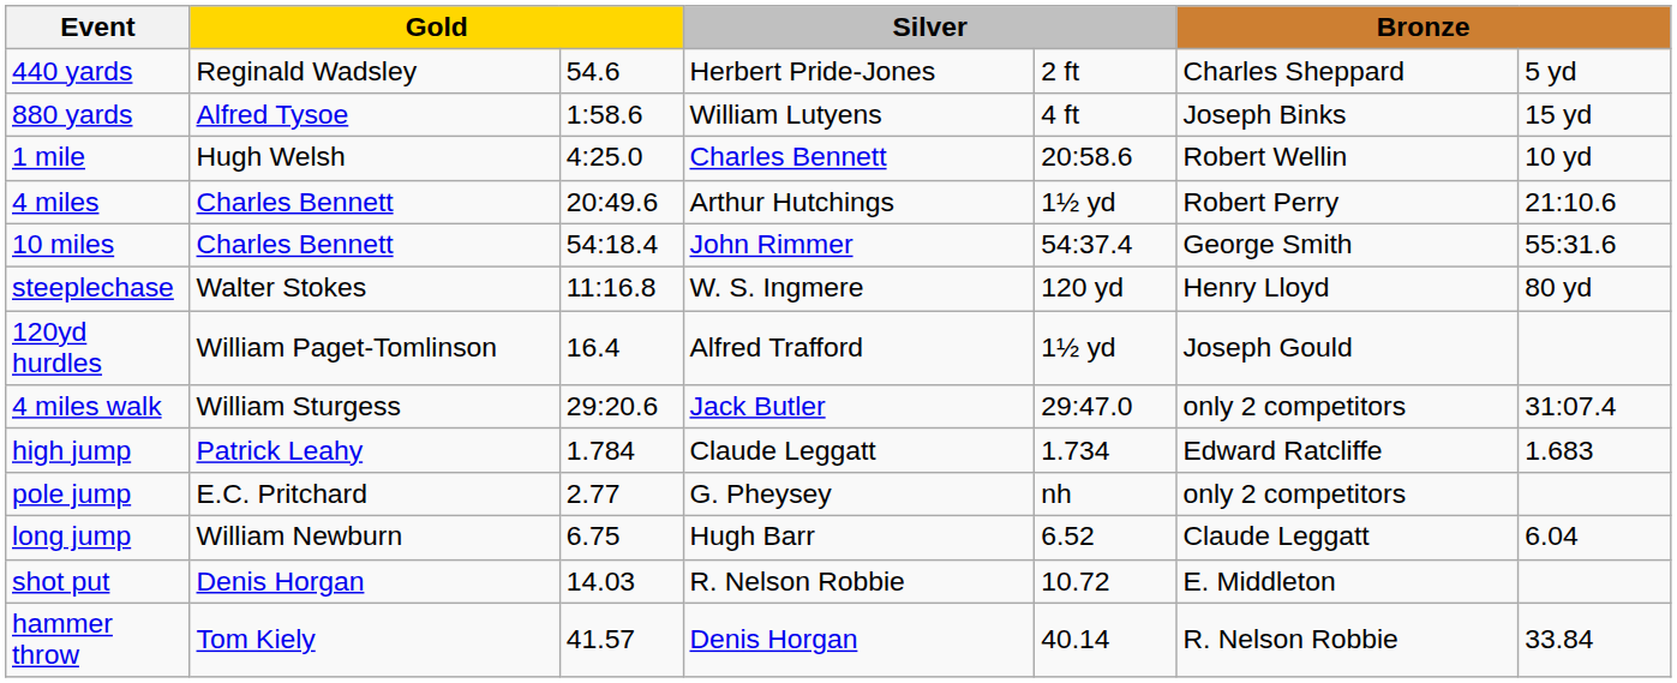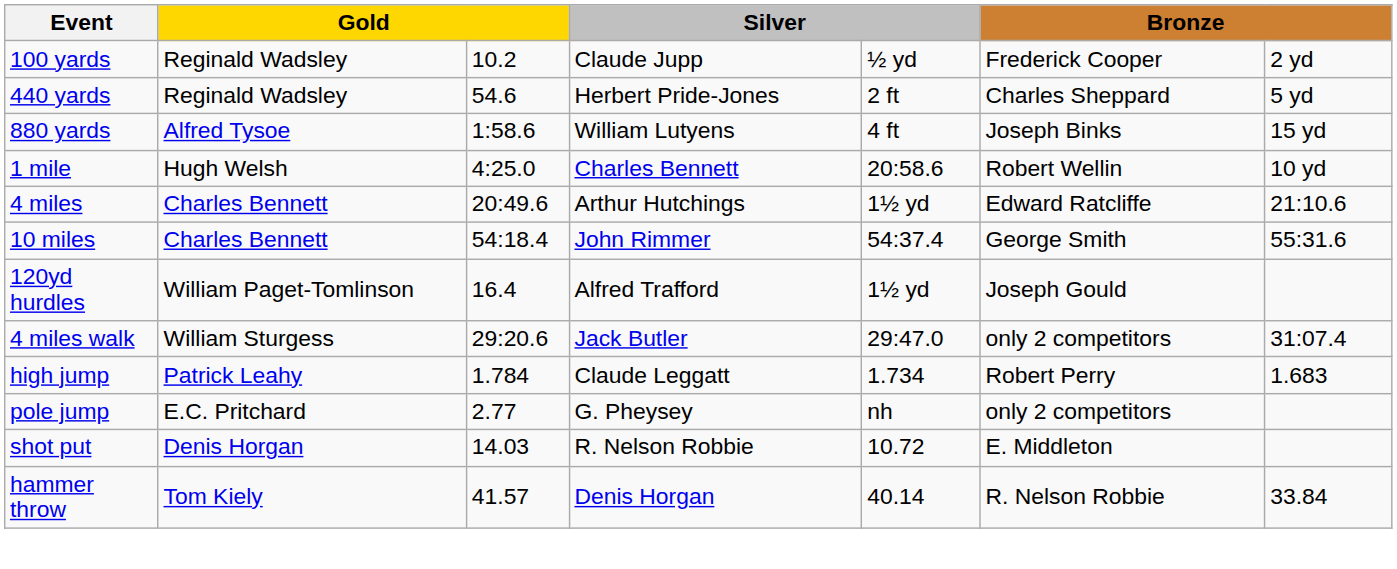 <table class="wikitable" style="text-align:left">
 <tr>
 <th width=100>Event</th>
 <th colspan="2" width="280" style="background:gold;">Gold</th>
 <th colspan="2" width="280" style="background:silver;">Silver</th>
 <th colspan="2" width="280" style="background:#CD7F32;">Bronze</th>
+</tr>
+<tr>
+<td><a href='#'>100 yards</a></td>
+<td>Reginald Wadsley</td>
+<td>10.2</td>
+<td>Claude Jupp</td>
+<td>½ yd</td>
+<td>Frederick Cooper</td>
+<td>2 yd</td>
 </tr>
 <tr>
 <td><a href='#'>440 yards</a></td>
 <td>Reginald Wadsley</td>
 <td>54.6</td>
 <td>Herbert Pride-Jones</td>
 <td>2 ft</td>
 <td>Charles Sheppard</td>
 <td>5 yd</td>
 </tr>
 <tr>
 <td><a href='#'>880 yards</a></td>
 <td><a href='#'>Alfred Tysoe</a></td>
 <td>1:58.6</td>
 <td>William Lutyens</td>
 <td>4 ft</td>
 <td>Joseph Binks</td>
 <td>15 yd</td>
 </tr>
 <tr>
 <td><a href='#'>1 mile</a></td>
 <td> Hugh Welsh</td>
 <td>4:25.0</td>
 <td><a href='#'>Charles Bennett</a></td>
 <td>20:58.6</td>
 <td>Robert Wellin</td>
 <td>10 yd</td>
 </tr>
 <tr>
 <td><a href='#'>4 miles</a></td>
 <td><a href='#'>Charles Bennett</a></td>
 <td>20:49.6</td>
 <td>Arthur Hutchings</td>
 <td>1½ yd</td>
-<td>Robert Perry</td>
+<td>Edward Ratcliffe</td>
 <td>21:10.6</td>
 </tr>
 <tr>
 <td><a href='#'>10 miles</a></td>
 <td><a href='#'>Charles Bennett</a></td>
 <td>54:18.4</td>
 <td><a href='#'>John Rimmer</a></td>
 <td>54:37.4</td>
 <td>George Smith</td>
 <td>55:31.6</td>
-</tr>
-<tr>
-<td><a href='#'>steeplechase</a></td>
-<td>Walter Stokes</td>
-<td>11:16.8</td>
-<td>W. S. Ingmere</td>
-<td>120 yd</td>
-<td>Henry Lloyd</td>
-<td>80 yd</td>
 </tr>
 <tr>
 <td><a href='#'>120yd hurdles</a></td>
 <td>William Paget-Tomlinson</td>
 <td>16.4</td>
 <td>Alfred Trafford</td>
 <td>1½ yd</td>
 <td>Joseph Gould</td>
 <td></td>
 </tr>
 <tr>
 <td><a href='#'>4 miles walk</a></td>
 <td>William Sturgess</td>
 <td>29:20.6</td>
 <td><a href='#'>Jack Butler</a></td>
 <td>29:47.0</td>
 <td>only 2 competitors</td>
 <td>31:07.4</td>
 </tr>
 <tr>
 <td><a href='#'>high jump</a></td>
 <td> <a href='#'>Patrick Leahy</a></td>
 <td>1.784</td>
 <td>Claude Leggatt</td>
 <td>1.734</td>
-<td>Edward Ratcliffe</td>
+<td>Robert Perry</td>
 <td>1.683</td>
 </tr>
 <tr>
 <td><a href='#'>pole jump</a></td>
 <td>E.C. Pritchard</td>
 <td>2.77</td>
 <td>G. Pheysey</td>
 <td>nh</td>
 <td>only 2 competitors</td>
 <td></td>
-</tr>
-<tr>
-<td><a href='#'>long jump</a></td>
-<td> William Newburn</td>
-<td>6.75</td>
-<td> Hugh Barr</td>
-<td>6.52</td>
-<td>Claude Leggatt</td>
-<td>6.04</td>
 </tr>
 <tr>
 <td><a href='#'>shot put</a></td>
 <td> <a href='#'>Denis Horgan</a></td>
 <td>14.03</td>
 <td> R. Nelson Robbie</td>
 <td>10.72</td>
 <td>E. Middleton</td>
 <td></td>
 </tr>
 <tr>
 <td><a href='#'>hammer throw</a></td>
 <td> <a href='#'>Tom Kiely</a></td>
 <td>41.57</td>
 <td> <a href='#'>Denis Horgan</a></td>
 <td>40.14</td>
 <td> R. Nelson Robbie</td>
 <td>33.84</td>
 </tr>
 </table>
